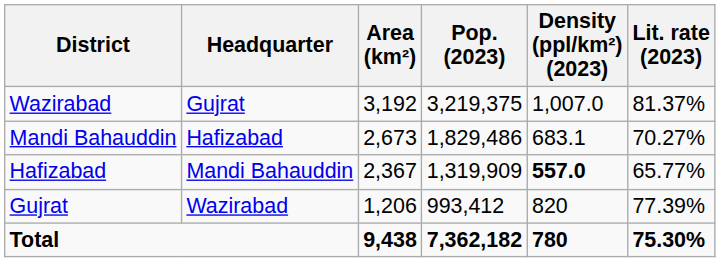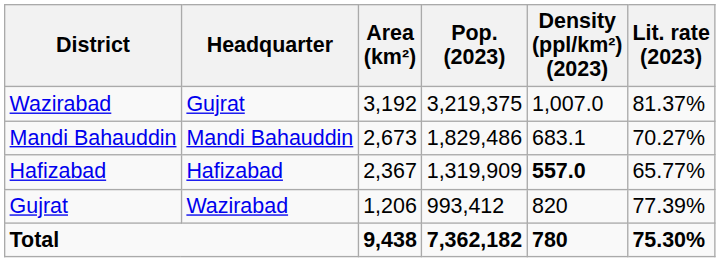 <table class="wikitable sortable static-row-numbers static-row-header-hash">
 <tr>
 <th>District</th>
 <th>Headquarter</th>
 <th>Area<br>(km²)</th>
 <th>Pop.<br>(2023)</th>
 <th>Density<br>(ppl/km²)<br>(2023)</th>
 <th>Lit. rate<br>(2023)</th>
 </tr>
 <tr>
 <td><a href='#'>Wazirabad</a></td>
 <td><a href='#'>Gujrat</a></td>
 <td>3,192</td>
 <td>3,219,375</td>
 <td>1,007.0</td>
 <td>81.37%</td>
 </tr>
 <tr>
 <td><a href='#'>Mandi Bahauddin</a></td>
-<td><a href='#'>Hafizabad</a></td>
+<td><a href='#'>Mandi Bahauddin</a></td>
 <td>2,673</td>
 <td>1,829,486</td>
 <td>683.1</td>
 <td>70.27%</td>
 </tr>
 <tr>
 <td><a href='#'>Hafizabad</a></td>
-<td><a href='#'>Mandi Bahauddin</a></td>
+<td><a href='#'>Hafizabad</a></td>
 <td>2,367</td>
 <td>1,319,909</td>
 <td><strong>557.0</strong></td>
 <td>65.77%</td>
 </tr>
 <tr>
 <td><a href='#'>Gujrat</a></td>
 <td><a href='#'>Wazirabad</a></td>
 <td>1,206</td>
 <td>993,412</td>
 <td>820</td>
 <td>77.39%</td>
 </tr>
 <tr>
 <td colspan="2"><strong>Total</strong></td>
 <td><strong>9,438</strong></td>
 <td><strong>7,362,182</strong></td>
 <td><strong>780</strong></td>
 <td><strong>75.30%</strong></td>
 </tr>
 </table>
